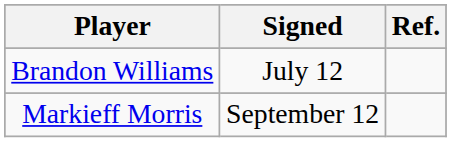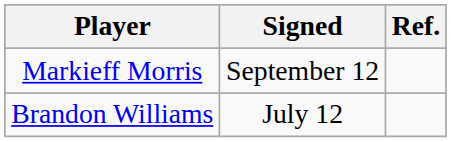 <table class="wikitable sortable sortable">
 <tr>
 <th>Player</th>
 <th>Signed</th>
 <th>Ref.</th>
 </tr>
 <tr style="text-align: center">
+<td><a href='#'>Markieff Morris</a></td>
+<td>September 12</td>
+<td></td>
+</tr>
+<tr style="text-align: center">
 <td><a href='#'>Brandon Williams</a></td>
 <td>July 12</td>
 <td></td>
 </tr>
-<tr style="text-align: center">
-<td><a href='#'>Markieff Morris</a></td>
-<td>September 12</td>
-<td></td>
-</tr>
 </table>
